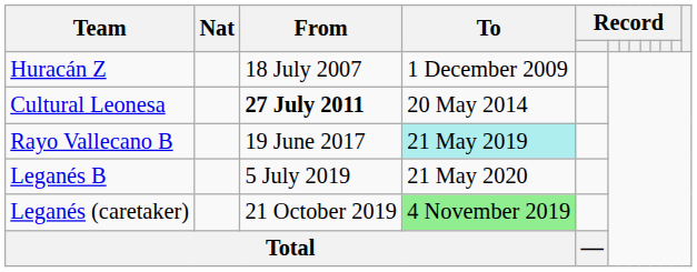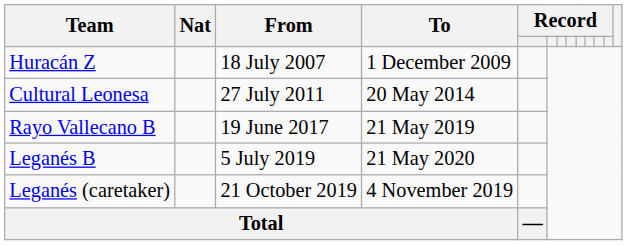 <table class="wikitable" style="text-align: center">
 <tr>
 <th rowspan="2">Team</th>
 <th rowspan="2">Nat</th>
 <th rowspan="2">From</th>
 <th rowspan="2">To</th>
 <th colspan="8">Record</th>
 <th rowspan=2></th>
 </tr>
 <tr>
 <th></th>
 <th></th>
 <th></th>
 <th></th>
 <th></th>
 <th></th>
 <th></th>
 <th></th>
 </tr>
 <tr>
 <td align=left><a href='#'>Huracán Z</a></td>
 <td></td>
 <td align=left>18 July 2007</td>
 <td align=left>1 December 2009<br></td>
 <td></td>
 </tr>
 <tr>
 <td align=left><a href='#'>Cultural Leonesa</a></td>
 <td></td>
-<td align=left><strong>27 July 2011</strong></td>
+<td align=left>27 July 2011</td>
 <td align=left>20 May 2014<br></td>
 <td></td>
 </tr>
 <tr>
 <td align=left><a href='#'>Rayo Vallecano B</a></td>
 <td></td>
 <td align=left>19 June 2017</td>
-<td align=left style="background: paleturquoise;">21 May 2019<br></td>
+<td align=left>21 May 2019<br></td>
 <td></td>
 </tr>
 <tr>
 <td align=left><a href='#'>Leganés B</a></td>
 <td></td>
 <td align=left>5 July 2019</td>
 <td align=left>21 May 2020<br></td>
 <td></td>
 </tr>
 <tr>
 <td align=left><a href='#'>Leganés</a> (caretaker)</td>
 <td></td>
 <td align=left>21 October 2019</td>
-<td align=left style="background: lightgreen;">4 November 2019<br></td>
+<td align=left>4 November 2019<br></td>
 <td></td>
 </tr>
 <tr>
 <th colspan="4">Total<br></th>
 <th>—</th>
 </tr>
 </table>
